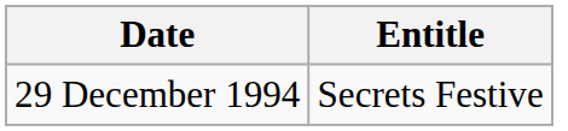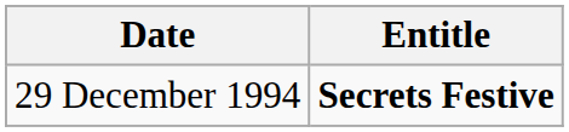 <table class="wikitable" style="text-align:center;">
 <tr>
 <th>Date</th>
 <th>Entitle</th>
 </tr>
 <tr>
 <td>29 December 1994</td>
-<td>Secrets Festive</td>
+<td><strong>Secrets Festive</strong></td>
 </tr>
 </table>
